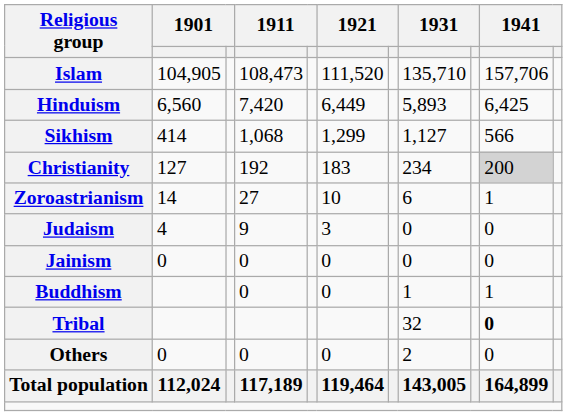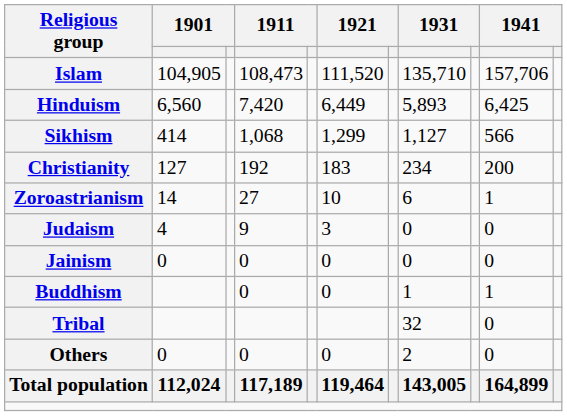 <table class="wikitable sortable">
 <tr>
 <th rowspan="2"><a href='#'>Religious</a><br>group</th>
 <th colspan="2">1901</th>
 <th colspan="2">1911</th>
 <th colspan="2">1921</th>
 <th colspan="2">1931</th>
 <th colspan="2">1941</th>
 </tr>
 <tr>
 <th><a href='#'></a></th>
 <th></th>
 <th></th>
 <th></th>
 <th></th>
 <th></th>
 <th></th>
 <th></th>
 <th></th>
 <th></th>
 </tr>
 <tr>
 <th><a href='#'>Islam</a> </th>
 <td>104,905</td>
 <td></td>
 <td>108,473</td>
 <td></td>
 <td>111,520</td>
 <td></td>
 <td>135,710</td>
 <td></td>
 <td>157,706</td>
 <td></td>
 </tr>
 <tr>
 <th><a href='#'>Hinduism</a> </th>
 <td>6,560</td>
 <td></td>
 <td>7,420</td>
 <td></td>
 <td>6,449</td>
 <td></td>
 <td>5,893</td>
 <td></td>
 <td>6,425</td>
 <td></td>
 </tr>
 <tr>
 <th><a href='#'>Sikhism</a> </th>
 <td>414</td>
 <td></td>
 <td>1,068</td>
 <td></td>
 <td>1,299</td>
 <td></td>
 <td>1,127</td>
 <td></td>
 <td>566</td>
 <td></td>
 </tr>
 <tr>
 <th><a href='#'>Christianity</a> </th>
 <td>127</td>
 <td></td>
 <td>192</td>
 <td></td>
 <td>183</td>
 <td></td>
 <td>234</td>
 <td></td>
-<td style="background: lightgrey;">200</td>
+<td>200</td>
 <td></td>
 </tr>
 <tr>
 <th><a href='#'>Zoroastrianism</a> </th>
 <td>14</td>
 <td></td>
 <td>27</td>
 <td></td>
 <td>10</td>
 <td></td>
 <td>6</td>
 <td></td>
 <td>1</td>
 <td></td>
 </tr>
 <tr>
 <th><a href='#'>Judaism</a> </th>
 <td>4</td>
 <td></td>
 <td>9</td>
 <td></td>
 <td>3</td>
 <td></td>
 <td>0</td>
 <td></td>
 <td>0</td>
 <td></td>
 </tr>
 <tr>
 <th><a href='#'>Jainism</a> </th>
 <td>0</td>
 <td></td>
 <td>0</td>
 <td></td>
 <td>0</td>
 <td></td>
 <td>0</td>
 <td></td>
 <td>0</td>
 <td></td>
 </tr>
 <tr>
 <th><a href='#'>Buddhism</a> </th>
 <td></td>
 <td></td>
 <td>0</td>
 <td></td>
 <td>0</td>
 <td></td>
 <td>1</td>
 <td></td>
 <td>1</td>
 <td></td>
 </tr>
 <tr>
 <th><a href='#'>Tribal</a></th>
 <td></td>
 <td></td>
 <td></td>
 <td></td>
 <td></td>
 <td></td>
 <td>32</td>
 <td></td>
-<td><strong>0</strong></td>
+<td>0</td>
 <td></td>
 </tr>
 <tr>
 <th>Others</th>
 <td>0</td>
 <td></td>
 <td>0</td>
 <td></td>
 <td>0</td>
 <td></td>
 <td>2</td>
 <td></td>
 <td>0</td>
 <td></td>
 </tr>
 <tr>
 <th>Total population</th>
 <th>112,024</th>
 <th></th>
 <th>117,189</th>
 <th></th>
 <th>119,464</th>
 <th></th>
 <th>143,005</th>
 <th></th>
 <th>164,899</th>
 <th></th>
 </tr>
 <tr class="sortbottom">
 <td colspan="15"></td>
 </tr>
 </table>
